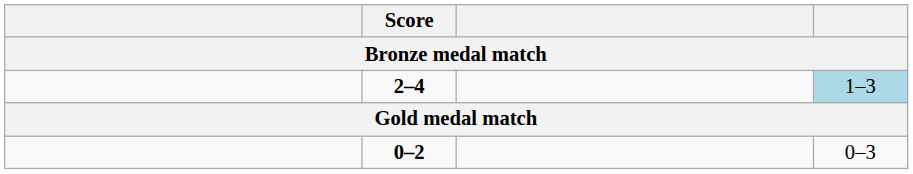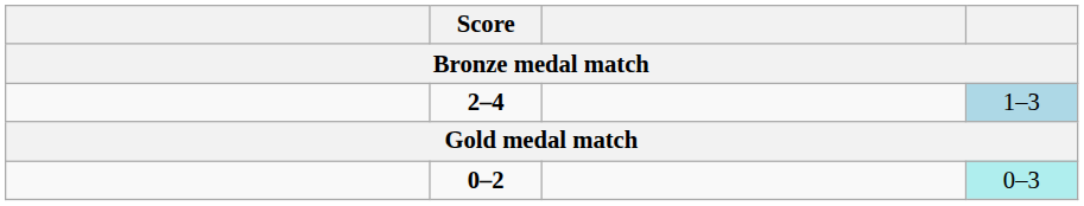 <table class="wikitable" style="text-align: left;">
 <tr>
 <th align="right" width="270"></th>
 <th width="65">Score</th>
 <th align="left" width="270"></th>
 <th width="65"></th>
 </tr>
 <tr>
 <th colspan=4>Bronze medal match</th>
 </tr>
 <tr>
 <td></td>
 <td align="center"><strong>2–4</strong></td>
 <td><strong></strong></td>
 <td align=center style="background: lightblue;">1–3 <strong></strong></td>
 </tr>
 <tr>
 <th colspan=4>Gold medal match</th>
 </tr>
 <tr>
 <td></td>
 <td align="center"><strong>0–2</strong></td>
 <td><strong></strong></td>
-<td align=center>0–3 <strong></strong></td>
+<td align=center style="background: paleturquoise;">0–3 <strong></strong></td>
 </tr>
 </table>
